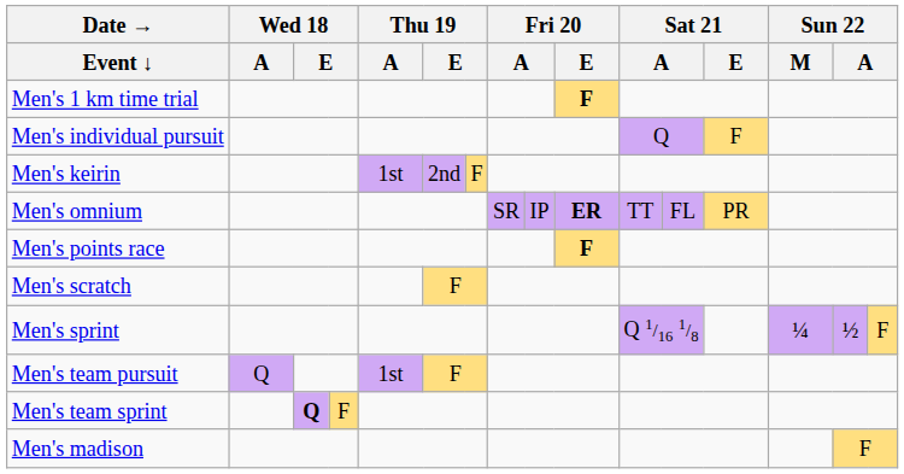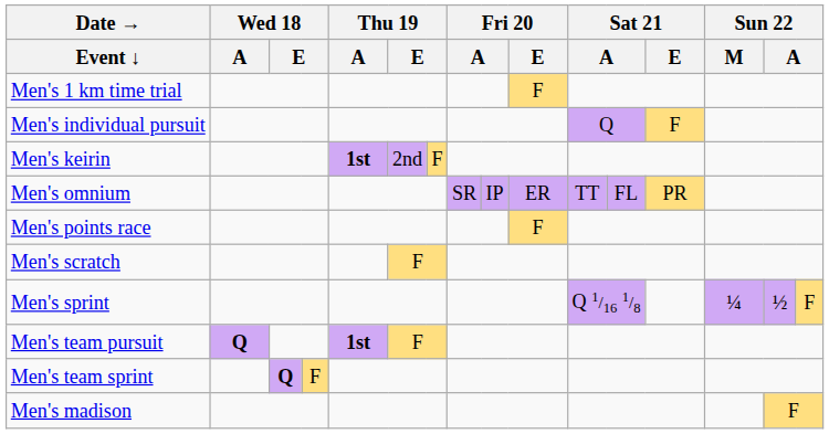 <table class="wikitable" style="margin:0.5em auto; font-size:95%; line-height:1.25em;">
 <tr style="text-align:center;">
 <th>Date →</th>
 <th colspan="3">Wed 18</th>
 <th colspan="3">Thu 19</th>
 <th colspan="3">Fri 20</th>
 <th colspan="4">Sat 21</th>
 <th colspan="4">Sun 22</th>
 </tr>
 <tr>
 <th>Event   ↓</th>
 <th style="width:2.5em;">A</th>
 <th style="width:2.5em;" colspan="2">E</th>
 <th style="width:2.5em;">A</th>
 <th style="width:2.5em;" colspan="2">E</th>
 <th style="width:2.5em;" colspan="2">A</th>
 <th style="width:2.5em;">E</th>
 <th colspan="2">A</th>
 <th style="width:2.5em;" colspan="2">E</th>
 <th style="width:2.5em;" colspan="2">M</th>
 <th style="width:2.5em;" colspan="2">A</th>
 </tr>
 <tr style="text-align:center;">
 <td style="text-align:left;"><a href='#'>Men's 1 km time trial</a></td>
 <td colspan="3"></td>
 <td colspan="3"></td>
 <td colspan="2"></td>
-<td style="background-color:#FFDF80;"><strong>F</strong></td>
+<td style="background-color:#FFDF80;">F</td>
 <td colspan="4"></td>
 <td colspan="4"></td>
 </tr>
 <tr style="text-align:center;">
 <td style="text-align:left;"><a href='#'>Men's individual pursuit</a></td>
 <td colspan="3"></td>
 <td colspan="3"></td>
 <td colspan="3"></td>
 <td colspan="2" bgcolor="#D0A9F5">Q</td>
 <td colspan="2" style="background-color:#FFDF80;">F</td>
 <td colspan="4"></td>
 </tr>
 <tr style="text-align:center;">
 <td style="text-align:left;"><a href='#'>Men's keirin</a></td>
 <td colspan="3"></td>
-<td style="background-color:#D0A9F5;">1st</td>
+<td style="background-color:#D0A9F5;"><strong>1st</strong></td>
 <td style="background-color:#D0A9F5;">2nd</td>
 <td style="background-color:#FFDF80;">F</td>
 <td colspan="3"></td>
 <td colspan="4"></td>
 <td colspan="4"></td>
 </tr>
 <tr style="text-align:center;">
 <td style="text-align:left;"><a href='#'>Men's omnium</a></td>
 <td colspan="3"></td>
 <td colspan="3"></td>
 <td bgcolor="#D0A9F5">SR</td>
 <td bgcolor="#D0A9F5">IP</td>
-<td bgcolor="#D0A9F5"><strong>ER</strong></td>
+<td bgcolor="#D0A9F5">ER</td>
 <td bgcolor="#D0A9F5">TT</td>
 <td bgcolor="#D0A9F5">FL</td>
 <td colspan="2" style="background-color:#FFDF80;">PR</td>
 <td colspan="4"></td>
 </tr>
 <tr style="text-align:center;">
 <td style="text-align:left;"><a href='#'>Men's points race</a></td>
 <td colspan="3"></td>
 <td colspan="3"></td>
 <td colspan="2"></td>
-<td style="background-color:#FFDF80;"><strong>F</strong></td>
+<td style="background-color:#FFDF80;">F</td>
 <td colspan="4"></td>
 <td colspan="4"></td>
 </tr>
 <tr style="text-align:center;">
 <td style="text-align:left;"><a href='#'>Men's scratch</a></td>
 <td colspan="3"></td>
 <td></td>
 <td colspan="2" style="background-color:#FFDF80;">F</td>
 <td colspan="3"></td>
 <td colspan="4"></td>
 <td colspan="4"></td>
 </tr>
 <tr style="text-align:center;">
 <td style="text-align:left;"><a href='#'>Men's sprint</a></td>
 <td colspan="3"></td>
 <td colspan="3"></td>
 <td colspan="3"></td>
 <td colspan="2" bgcolor="#D0A9F5">Q <small><sup>1</sup>/<sub>16</sub></small> <small><sup>1</sup>/<sub>8</sub></small></td>
 <td colspan="2"></td>
 <td colspan="2" style="background-color:#D0A9F5;">¼</td>
 <td style="background-color:#D0A9F5;">½</td>
 <td style="background-color:#FFDF80;">F</td>
 </tr>
 <tr style="text-align:center;">
 <td style="text-align:left;"><a href='#'>Men's team pursuit</a></td>
-<td bgcolor="#D0A9F5">Q</td>
+<td bgcolor="#D0A9F5"><strong>Q</strong></td>
 <td colspan="2"></td>
-<td bgcolor="#D0A9F5">1st</td>
+<td bgcolor="#D0A9F5"><strong>1st</strong></td>
 <td colspan="2" style="background-color:#FFDF80;">F</td>
 <td colspan="3"></td>
 <td colspan="4"></td>
 <td colspan="4"></td>
 </tr>
 <tr style="text-align:center;">
 <td style="text-align:left;"><a href='#'>Men's team sprint</a></td>
 <td></td>
 <td bgcolor="#D0A9F5"><strong>Q</strong></td>
 <td style="background-color:#FFDF80;">F</td>
 <td colspan="3"></td>
 <td colspan="3"></td>
 <td colspan="4"></td>
 <td colspan="4"></td>
 </tr>
 <tr style="text-align:center;">
 <td style="text-align:left;"><a href='#'>Men's madison</a></td>
 <td colspan="3"></td>
 <td colspan="3"></td>
 <td colspan="3"></td>
 <td colspan="4"></td>
 <td colspan="2"></td>
 <td colspan="2" style="background-color:#FFDF80;">F</td>
 </tr>
 </table>
